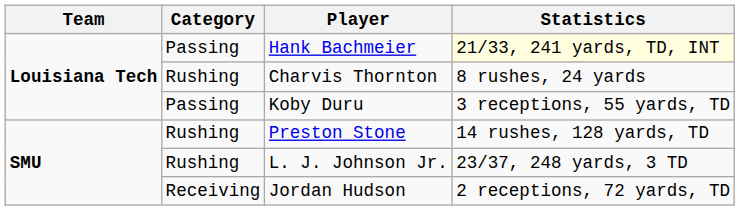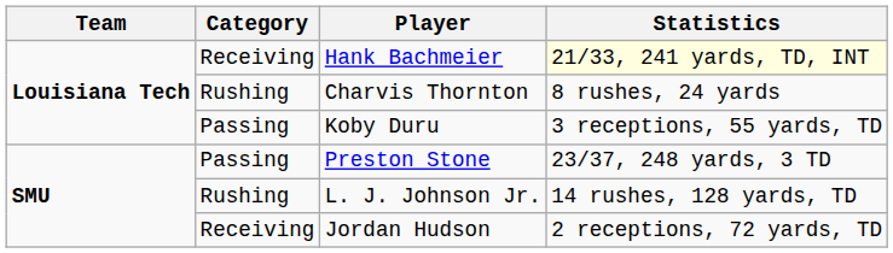 <table class="wikitable" style="float: right;">
 <tr>
 <th>Team</th>
 <th>Category</th>
 <th>Player</th>
 <th>Statistics</th>
 </tr>
 <tr>
 <td rowspan=3><strong>Louisiana Tech</strong></td>
-<td>Passing</td>
+<td>Receiving</td>
 <td><a href='#'>Hank Bachmeier</a></td>
 <td style="background: lightyellow;">21/33, 241 yards, TD, INT</td>
 </tr>
 <tr>
 <td>Rushing</td>
 <td>Charvis Thornton</td>
 <td>8 rushes, 24 yards</td>
 </tr>
 <tr>
 <td>Passing</td>
 <td>Koby Duru</td>
 <td>3 receptions, 55 yards, TD</td>
 </tr>
 <tr>
 <td rowspan=3><strong>SMU</strong></td>
-<td>Rushing</td>
+<td>Passing</td>
 <td><a href='#'>Preston Stone</a></td>
-<td>14 rushes, 128 yards, TD</td>
+<td>23/37, 248 yards, 3 TD</td>
 </tr>
 <tr>
 <td>Rushing</td>
 <td>L. J. Johnson Jr.</td>
-<td>23/37, 248 yards, 3 TD</td>
+<td>14 rushes, 128 yards, TD</td>
 </tr>
 <tr>
 <td>Receiving</td>
 <td>Jordan Hudson</td>
 <td>2 receptions, 72 yards, TD</td>
 </tr>
 </table>
